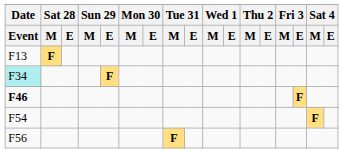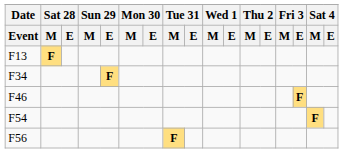 <table class="wikitable" style="margin:0.5em auto; font-size:90%; line-height:1.25em;">
 <tr align="center">
 </tr>
 <tr>
 <th>Date</th>
 <th colspan="2">Sat 28</th>
 <th colspan="2">Sun 29</th>
 <th colspan="2">Mon 30</th>
 <th colspan="2">Tue 31</th>
 <th colspan="2">Wed 1</th>
 <th colspan="2">Thu 2</th>
 <th colspan="2">Fri 3</th>
 <th colspan="2">Sat 4</th>
 </tr>
 <tr>
 <th>Event</th>
 <th>M</th>
 <th>E</th>
 <th>M</th>
 <th>E</th>
 <th>M</th>
 <th>E</th>
 <th>M</th>
 <th>E</th>
 <th>M</th>
 <th>E</th>
 <th>M</th>
 <th>E</th>
 <th>M</th>
 <th>E</th>
 <th>M</th>
 <th>E</th>
 </tr>
 <tr align="center">
 <td align="left">F13</td>
 <td bgcolor="#FFDF80"><strong>F</strong></td>
 <td></td>
 <td colspan="2"></td>
 <td colspan="2"></td>
 <td colspan="2"></td>
 <td colspan="2"></td>
 <td colspan="2"></td>
 <td colspan="2"></td>
 <td colspan="2"></td>
 </tr>
 <tr align="center">
-<td align="left" style="background: paleturquoise;">F34</td>
+<td align="left">F34</td>
 <td colspan="2"></td>
 <td></td>
 <td bgcolor="#FFDF80"><strong>F</strong></td>
 <td colspan="2"></td>
 <td colspan="2"></td>
 <td colspan="2"></td>
 <td colspan="2"></td>
 <td colspan="2"></td>
 <td colspan="2"></td>
 </tr>
 <tr align="center">
-<td align="left"><strong>F46</strong></td>
+<td align="left">F46</td>
 <td colspan="2"></td>
 <td colspan="2"></td>
 <td colspan="2"></td>
 <td colspan="2"></td>
 <td colspan="2"></td>
 <td colspan="2"></td>
 <td></td>
 <td bgcolor="#FFDF80"><strong>F</strong></td>
 <td colspan="2"></td>
 </tr>
 <tr align="center">
 <td align="left">F54</td>
 <td colspan="2"></td>
 <td colspan="2"></td>
 <td colspan="2"></td>
 <td colspan="2"></td>
 <td colspan="2"></td>
 <td colspan="2"></td>
 <td colspan="2"></td>
 <td bgcolor="#FFDF80"><strong>F</strong></td>
 <td></td>
 </tr>
 <tr align="center">
 <td align="left">F56</td>
 <td colspan="2"></td>
 <td colspan="2"></td>
 <td colspan="2"></td>
 <td bgcolor="#FFDF80"><strong>F</strong></td>
 <td></td>
 <td colspan="2"></td>
 <td colspan="2"></td>
 <td colspan="2"></td>
 <td colspan="2"></td>
 </tr>
 </table>
